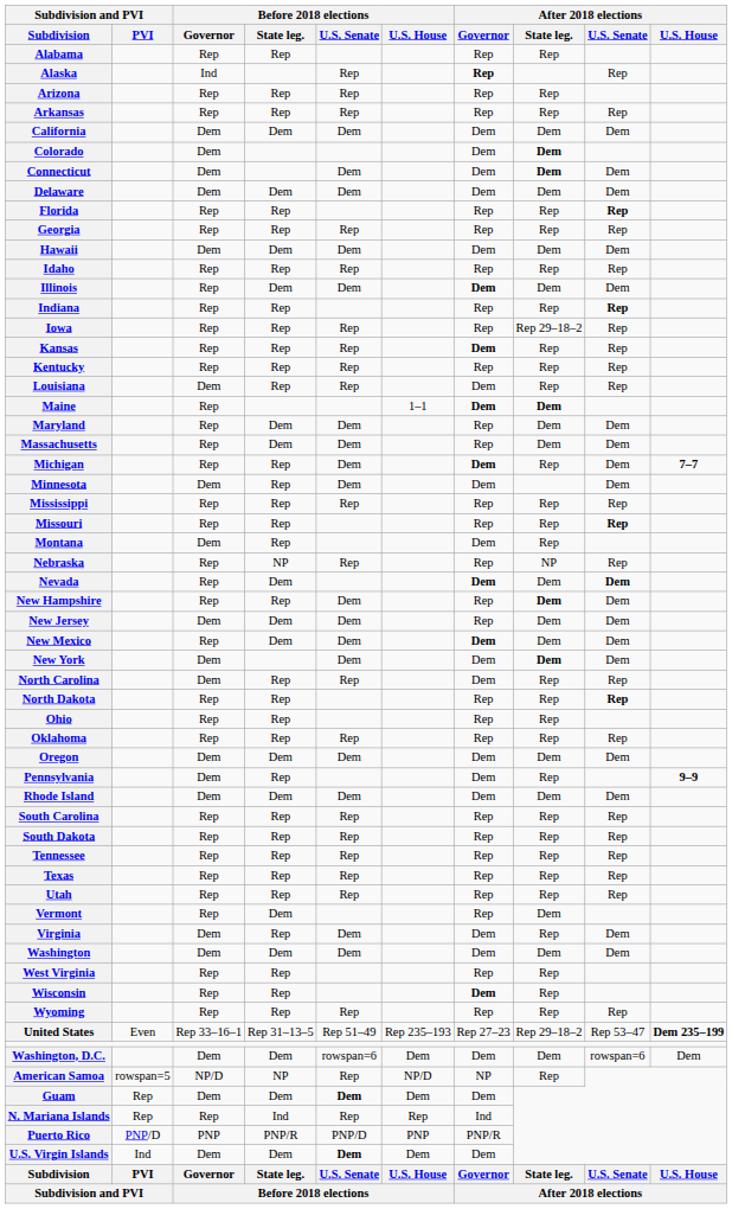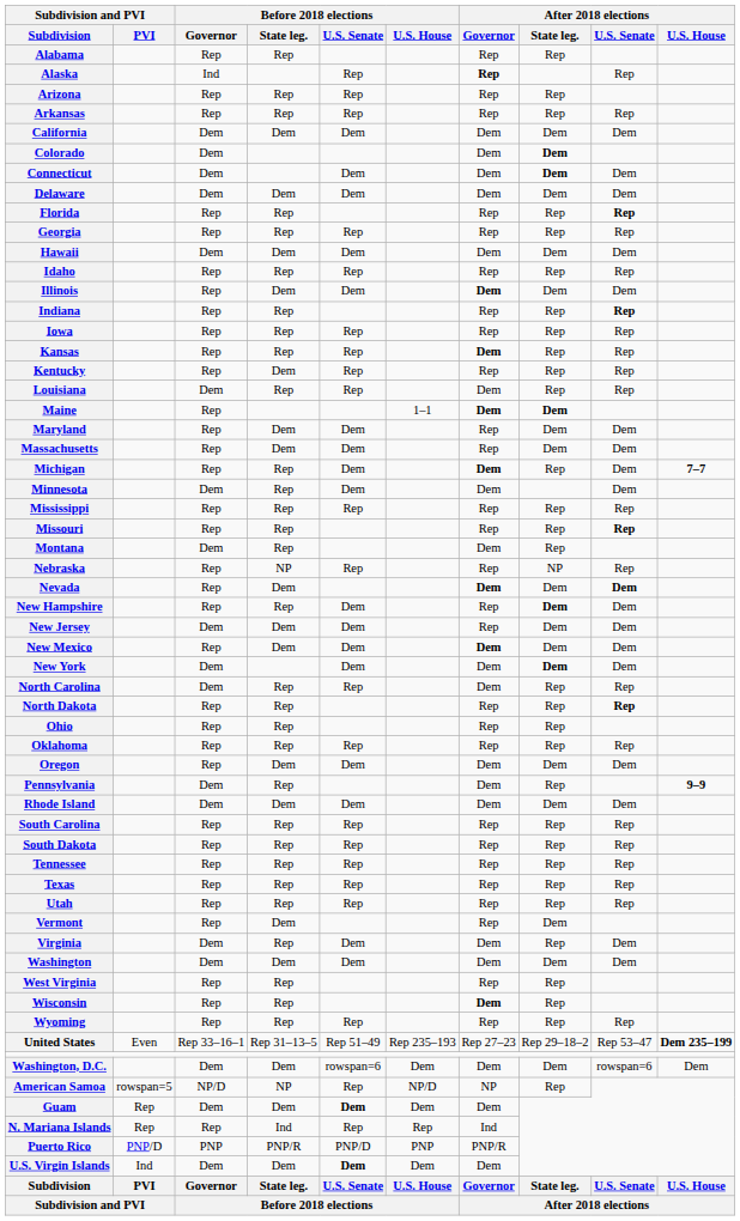 <table class="wikitable sortable plainrowheaders" style="text-align: center;">
 <tr>
 <th scope="col" colspan=2>Subdivision and PVI</th>
 <th scope="col" colspan=4>Before 2018 elections</th>
 <th scope="col" colspan=5>After 2018 elections</th>
 </tr>
 <tr>
 <th><a href='#'>Subdivision</a></th>
 <th data-sort-type="number"! scope="row"><a href='#'>PVI</a></th>
 <th>Governor</th>
 <th>State leg.</th>
 <th><a href='#'>U.S. Senate</a></th>
 <th><a href='#'>U.S. House</a></th>
 <th><a href='#'>Governor</a></th>
 <th>State leg.</th>
 <th><a href='#'>U.S. Senate</a></th>
 <th><a href='#'>U.S. House</a></th>
 </tr>
 <tr>
 <th scope="row"><a href='#'>Alabama</a></th>
 <td></td>
 <td>Rep</td>
 <td>Rep</td>
 <td></td>
 <td></td>
 <td>Rep</td>
 <td>Rep</td>
 <td></td>
 <td></td>
 </tr>
 <tr>
 <th scope="row"><a href='#'>Alaska</a></th>
 <td></td>
 <td>Ind</td>
 <td></td>
 <td>Rep</td>
 <td></td>
 <td><strong>Rep</strong></td>
 <td></td>
 <td>Rep</td>
 <td></td>
 </tr>
 <tr>
 <th scope="row"><a href='#'>Arizona</a></th>
 <td></td>
 <td>Rep</td>
 <td>Rep</td>
 <td>Rep</td>
 <td></td>
 <td>Rep</td>
 <td>Rep</td>
 <td></td>
 <td></td>
 </tr>
 <tr>
 <th scope="row"><a href='#'>Arkansas</a></th>
 <td></td>
 <td>Rep</td>
 <td>Rep</td>
 <td>Rep</td>
 <td></td>
 <td>Rep</td>
 <td>Rep</td>
 <td>Rep</td>
 <td></td>
 </tr>
 <tr>
 <th scope="row"><a href='#'>California</a></th>
 <td></td>
 <td>Dem</td>
 <td>Dem</td>
 <td>Dem</td>
 <td></td>
 <td>Dem</td>
 <td>Dem</td>
 <td>Dem</td>
 <td></td>
 </tr>
 <tr>
 <th scope="row"><a href='#'>Colorado</a></th>
 <td></td>
 <td>Dem</td>
 <td></td>
 <td></td>
 <td></td>
 <td>Dem</td>
 <td><strong>Dem</strong></td>
 <td></td>
 <td></td>
 </tr>
 <tr>
 <th scope="row"><a href='#'>Connecticut</a></th>
 <td></td>
 <td>Dem</td>
 <td></td>
 <td>Dem</td>
 <td></td>
 <td>Dem</td>
 <td><strong>Dem</strong></td>
 <td>Dem</td>
 <td></td>
 </tr>
 <tr>
 <th scope="row"><a href='#'>Delaware</a></th>
 <td></td>
 <td>Dem</td>
 <td>Dem</td>
 <td>Dem</td>
 <td></td>
 <td>Dem</td>
 <td>Dem</td>
 <td>Dem</td>
 <td></td>
 </tr>
 <tr>
 <th scope="row"><a href='#'>Florida</a></th>
 <td></td>
 <td>Rep</td>
 <td>Rep</td>
 <td></td>
 <td></td>
 <td>Rep</td>
 <td>Rep</td>
 <td><strong>Rep</strong></td>
 <td></td>
 </tr>
 <tr>
 <th scope="row"><a href='#'>Georgia</a></th>
 <td></td>
 <td>Rep</td>
 <td>Rep</td>
 <td>Rep</td>
 <td></td>
 <td>Rep</td>
 <td>Rep</td>
 <td>Rep</td>
 <td></td>
 </tr>
 <tr>
 <th scope="row"><a href='#'>Hawaii</a></th>
 <td></td>
 <td>Dem</td>
 <td>Dem</td>
 <td>Dem</td>
 <td></td>
 <td>Dem</td>
 <td>Dem</td>
 <td>Dem</td>
 <td></td>
 </tr>
 <tr>
 <th scope="row"><a href='#'>Idaho</a></th>
 <td></td>
 <td>Rep</td>
 <td>Rep</td>
 <td>Rep</td>
 <td></td>
 <td>Rep</td>
 <td>Rep</td>
 <td>Rep</td>
 <td></td>
 </tr>
 <tr>
 <th scope="row"><a href='#'>Illinois</a></th>
 <td></td>
 <td>Rep</td>
 <td>Dem</td>
 <td>Dem</td>
 <td></td>
 <td><strong>Dem</strong></td>
 <td>Dem</td>
 <td>Dem</td>
 <td></td>
 </tr>
 <tr>
 <th scope="row"><a href='#'>Indiana</a></th>
 <td></td>
 <td>Rep</td>
 <td>Rep</td>
 <td></td>
 <td></td>
 <td>Rep</td>
 <td>Rep</td>
 <td><strong>Rep</strong></td>
 <td></td>
 </tr>
 <tr>
 <th scope="row"><a href='#'>Iowa</a></th>
 <td></td>
 <td>Rep</td>
 <td>Rep</td>
 <td>Rep</td>
 <td></td>
 <td>Rep</td>
-<td>Rep 29–18–2</td>
+<td>Rep</td>
 <td>Rep</td>
 <td></td>
 </tr>
 <tr>
 <th scope="row"><a href='#'>Kansas</a></th>
 <td></td>
 <td>Rep</td>
 <td>Rep</td>
 <td>Rep</td>
 <td></td>
 <td><strong>Dem</strong></td>
 <td>Rep</td>
 <td>Rep</td>
 <td></td>
 </tr>
 <tr>
 <th scope="row"><a href='#'>Kentucky</a></th>
 <td></td>
 <td>Rep</td>
-<td>Rep</td>
+<td>Dem</td>
 <td>Rep</td>
 <td></td>
 <td>Rep</td>
 <td>Rep</td>
 <td>Rep</td>
 <td></td>
 </tr>
 <tr>
 <th scope="row"><a href='#'>Louisiana</a></th>
 <td></td>
 <td>Dem</td>
 <td>Rep</td>
 <td>Rep</td>
 <td></td>
 <td>Dem</td>
 <td>Rep</td>
 <td>Rep</td>
 <td></td>
 </tr>
 <tr>
 <th scope="row"><a href='#'>Maine</a></th>
 <td></td>
 <td>Rep</td>
 <td></td>
 <td></td>
 <td> 1–1</td>
 <td><strong>Dem</strong></td>
 <td><strong>Dem</strong></td>
 <td></td>
 <td></td>
 </tr>
 <tr>
 <th scope="row"><a href='#'>Maryland</a></th>
 <td></td>
 <td>Rep</td>
 <td>Dem</td>
 <td>Dem</td>
 <td></td>
 <td>Rep</td>
 <td>Dem</td>
 <td>Dem</td>
 <td></td>
 </tr>
 <tr>
 <th scope="row"><a href='#'>Massachusetts</a></th>
 <td></td>
 <td>Rep</td>
 <td>Dem</td>
 <td>Dem</td>
 <td></td>
 <td>Rep</td>
 <td>Dem</td>
 <td>Dem</td>
 <td></td>
 </tr>
 <tr>
 <th scope="row"><a href='#'>Michigan</a></th>
 <td></td>
 <td>Rep</td>
 <td>Rep</td>
 <td>Dem</td>
 <td></td>
 <td><strong>Dem</strong></td>
 <td>Rep</td>
 <td>Dem</td>
 <td><strong> 7–7</strong></td>
 </tr>
 <tr>
 <th scope="row"><a href='#'>Minnesota</a></th>
 <td></td>
 <td>Dem</td>
 <td>Rep</td>
 <td>Dem</td>
 <td></td>
 <td>Dem</td>
 <td><strong></strong></td>
 <td>Dem</td>
 <td></td>
 </tr>
 <tr>
 <th scope="row"><a href='#'>Mississippi</a></th>
 <td></td>
 <td>Rep</td>
 <td>Rep</td>
 <td>Rep</td>
 <td></td>
 <td>Rep</td>
 <td>Rep</td>
 <td>Rep</td>
 <td></td>
 </tr>
 <tr>
 <th scope="row"><a href='#'>Missouri</a></th>
 <td></td>
 <td>Rep</td>
 <td>Rep</td>
 <td></td>
 <td></td>
 <td>Rep</td>
 <td>Rep</td>
 <td><strong>Rep</strong></td>
 <td></td>
 </tr>
 <tr>
 <th scope="row"><a href='#'>Montana</a></th>
 <td></td>
 <td>Dem</td>
 <td>Rep</td>
 <td></td>
 <td></td>
 <td>Dem</td>
 <td>Rep</td>
 <td></td>
 <td></td>
 </tr>
 <tr>
 <th scope="row"><a href='#'>Nebraska</a></th>
 <td></td>
 <td>Rep</td>
 <td>NP</td>
 <td>Rep</td>
 <td></td>
 <td>Rep</td>
 <td>NP</td>
 <td>Rep</td>
 <td></td>
 </tr>
 <tr>
 <th scope="row"><a href='#'>Nevada</a></th>
 <td></td>
 <td>Rep</td>
 <td>Dem</td>
 <td></td>
 <td></td>
 <td><strong>Dem</strong></td>
 <td>Dem</td>
 <td><strong>Dem</strong></td>
 <td></td>
 </tr>
 <tr>
 <th scope="row"><a href='#'>New Hampshire</a></th>
 <td></td>
 <td>Rep</td>
 <td>Rep</td>
 <td>Dem</td>
 <td></td>
 <td>Rep</td>
 <td><strong>Dem</strong></td>
 <td>Dem</td>
 <td></td>
 </tr>
 <tr>
 <th scope="row"><a href='#'>New Jersey</a></th>
 <td></td>
 <td>Dem</td>
 <td>Dem</td>
 <td>Dem</td>
 <td></td>
 <td>Rep</td>
 <td>Dem</td>
 <td>Dem</td>
 <td></td>
 </tr>
 <tr>
 <th scope="row"><a href='#'>New Mexico</a></th>
 <td></td>
 <td>Rep</td>
 <td>Dem</td>
 <td>Dem</td>
 <td></td>
 <td><strong>Dem</strong></td>
 <td>Dem</td>
 <td>Dem</td>
 <td></td>
 </tr>
 <tr>
 <th scope="row"><a href='#'>New York</a></th>
 <td></td>
 <td>Dem</td>
 <td></td>
 <td>Dem</td>
 <td></td>
 <td>Dem</td>
 <td><strong>Dem</strong></td>
 <td>Dem</td>
 <td></td>
 </tr>
 <tr>
 <th scope="row"><a href='#'>North Carolina</a></th>
 <td></td>
 <td>Dem</td>
 <td>Rep</td>
 <td>Rep</td>
 <td></td>
 <td>Dem</td>
 <td>Rep</td>
 <td>Rep</td>
 <td></td>
 </tr>
 <tr>
 <th scope="row"><a href='#'>North Dakota</a></th>
 <td></td>
 <td>Rep</td>
 <td>Rep</td>
 <td></td>
 <td></td>
 <td>Rep</td>
 <td>Rep</td>
 <td><strong>Rep</strong></td>
 <td></td>
 </tr>
 <tr>
 <th scope="row"><a href='#'>Ohio</a></th>
 <td></td>
 <td>Rep</td>
 <td>Rep</td>
 <td></td>
 <td></td>
 <td>Rep</td>
 <td>Rep</td>
 <td></td>
 <td></td>
 </tr>
 <tr>
 <th scope="row"><a href='#'>Oklahoma</a></th>
 <td></td>
 <td>Rep</td>
 <td>Rep</td>
 <td>Rep</td>
 <td></td>
 <td>Rep</td>
 <td>Rep</td>
 <td>Rep</td>
 <td></td>
 </tr>
 <tr>
 <th scope="row"><a href='#'>Oregon</a></th>
 <td></td>
-<td>Dem</td>
+<td>Rep</td>
 <td>Dem</td>
 <td>Dem</td>
 <td></td>
 <td>Dem</td>
 <td>Dem</td>
 <td>Dem</td>
 <td></td>
 </tr>
 <tr>
 <th scope="row"><a href='#'>Pennsylvania</a></th>
 <td></td>
 <td>Dem</td>
 <td>Rep</td>
 <td></td>
 <td></td>
 <td>Dem</td>
 <td>Rep</td>
 <td></td>
 <td><strong> 9–9</strong></td>
 </tr>
 <tr>
 <th scope="row"><a href='#'>Rhode Island</a></th>
 <td></td>
 <td>Dem</td>
 <td>Dem</td>
 <td>Dem</td>
 <td></td>
 <td>Dem</td>
 <td>Dem</td>
 <td>Dem</td>
 <td></td>
 </tr>
 <tr>
 <th scope="row"><a href='#'>South Carolina</a></th>
 <td></td>
 <td>Rep</td>
 <td>Rep</td>
 <td>Rep</td>
 <td></td>
 <td>Rep</td>
 <td>Rep</td>
 <td>Rep</td>
 <td></td>
 </tr>
 <tr>
 <th scope="row"><a href='#'>South Dakota</a></th>
 <td></td>
 <td>Rep</td>
 <td>Rep</td>
 <td>Rep</td>
 <td></td>
 <td>Rep</td>
 <td>Rep</td>
 <td>Rep</td>
 <td></td>
 </tr>
 <tr>
 <th scope="row"><a href='#'>Tennessee</a></th>
 <td></td>
 <td>Rep</td>
 <td>Rep</td>
 <td>Rep</td>
 <td></td>
 <td>Rep</td>
 <td>Rep</td>
 <td>Rep</td>
 <td></td>
 </tr>
 <tr>
 <th scope="row"><a href='#'>Texas</a></th>
 <td></td>
 <td>Rep</td>
 <td>Rep</td>
 <td>Rep</td>
 <td></td>
 <td>Rep</td>
 <td>Rep</td>
 <td>Rep</td>
 <td></td>
 </tr>
 <tr>
 <th scope="row"><a href='#'>Utah</a></th>
 <td></td>
 <td>Rep</td>
 <td>Rep</td>
 <td>Rep</td>
 <td></td>
 <td>Rep</td>
 <td>Rep</td>
 <td>Rep</td>
 <td></td>
 </tr>
 <tr>
 <th scope="row"><a href='#'>Vermont</a></th>
 <td></td>
 <td>Rep</td>
 <td>Dem</td>
 <td></td>
 <td></td>
 <td>Rep</td>
 <td>Dem</td>
 <td></td>
 <td></td>
 </tr>
 <tr>
 <th scope="row"><a href='#'>Virginia</a></th>
 <td></td>
 <td>Dem</td>
 <td>Rep</td>
 <td>Dem</td>
 <td></td>
 <td>Dem</td>
 <td>Rep</td>
 <td>Dem</td>
 <td></td>
 </tr>
 <tr>
 <th scope="row"><a href='#'>Washington</a></th>
 <td></td>
 <td>Dem</td>
 <td>Dem</td>
 <td>Dem</td>
 <td></td>
 <td>Dem</td>
 <td>Dem</td>
 <td>Dem</td>
 <td></td>
 </tr>
 <tr>
 <th scope="row"><a href='#'>West Virginia</a></th>
 <td></td>
 <td>Rep</td>
 <td>Rep</td>
 <td></td>
 <td></td>
 <td>Rep</td>
 <td>Rep</td>
 <td></td>
 <td></td>
 </tr>
 <tr>
 <th scope="row"><a href='#'>Wisconsin</a></th>
 <td></td>
 <td>Rep</td>
 <td>Rep</td>
 <td></td>
 <td></td>
 <td><strong>Dem</strong></td>
 <td>Rep</td>
 <td></td>
 <td></td>
 </tr>
 <tr>
 <th scope="row"><a href='#'>Wyoming</a></th>
 <td></td>
 <td>Rep</td>
 <td>Rep</td>
 <td>Rep</td>
 <td></td>
 <td>Rep</td>
 <td>Rep</td>
 <td>Rep</td>
 <td></td>
 </tr>
 <tr class="sortbottom" |>
 <th scope="row">United States</th>
 <td>Even</td>
 <td>Rep 33–16–1</td>
 <td>Rep 31–13–5</td>
 <td>Rep 51–49</td>
 <td>Rep 235–193</td>
 <td>Rep 27–23</td>
 <td>Rep 29–18–2</td>
 <td>Rep 53–47</td>
 <td><strong>Dem 235–199</strong></td>
 </tr>
 <tr class="sortbottom">
 <td colspan=11></td>
 </tr>
 <tr class="sortbottom" |>
 <th scope="row"><a href='#'>Washington, D.C.</a></th>
 <td></td>
 <td>Dem</td>
 <td>Dem</td>
 <td>rowspan=6 </td>
 <td>Dem</td>
 <td>Dem</td>
 <td>Dem</td>
 <td>rowspan=6 </td>
 <td>Dem</td>
 </tr>
 <tr class="sortbottom" |>
 <th scope="row"><a href='#'>American Samoa</a></th>
 <td>rowspan=5 </td>
 <td>NP/D</td>
 <td>NP</td>
 <td>Rep</td>
 <td>NP/D</td>
 <td>NP</td>
 <td>Rep</td>
 </tr>
 <tr class="sortbottom" |>
 <th scope="row"><a href='#'>Guam</a></th>
 <td>Rep</td>
 <td>Dem</td>
 <td>Dem</td>
 <td><strong>Dem</strong></td>
 <td>Dem</td>
 <td>Dem</td>
 </tr>
 <tr class="sortbottom" |>
 <th scope="row"><a href='#'>N. Mariana Islands</a></th>
 <td>Rep</td>
 <td>Rep</td>
 <td>Ind</td>
 <td>Rep</td>
 <td>Rep</td>
 <td>Ind</td>
 </tr>
 <tr class="sortbottom" |>
 <th scope="row"><a href='#'>Puerto Rico</a></th>
 <td><a href='#'>PNP</a>/D</td>
 <td>PNP</td>
 <td>PNP/R</td>
 <td>PNP/D</td>
 <td>PNP</td>
 <td>PNP/R</td>
 </tr>
 <tr class="sortbottom" |>
 <th scope="row"><a href='#'>U.S. Virgin Islands</a></th>
 <td>Ind</td>
 <td>Dem</td>
 <td>Dem</td>
 <td><strong>Dem</strong></td>
 <td>Dem</td>
 <td>Dem</td>
 </tr>
 <tr>
 <th>Subdivision</th>
 <th>PVI</th>
 <th>Governor</th>
 <th>State leg.</th>
 <th><a href='#'>U.S. Senate</a></th>
 <th><a href='#'>U.S. House</a></th>
 <th><a href='#'>Governor</a></th>
 <th>State leg.</th>
 <th><a href='#'>U.S. Senate</a></th>
 <th><a href='#'>U.S. House</a></th>
 </tr>
 <tr>
 <th colspan=2>Subdivision and PVI</th>
 <th colspan= 4>Before 2018 elections</th>
 <th colspan= 4>After 2018 elections</th>
 </tr>
 </table>
